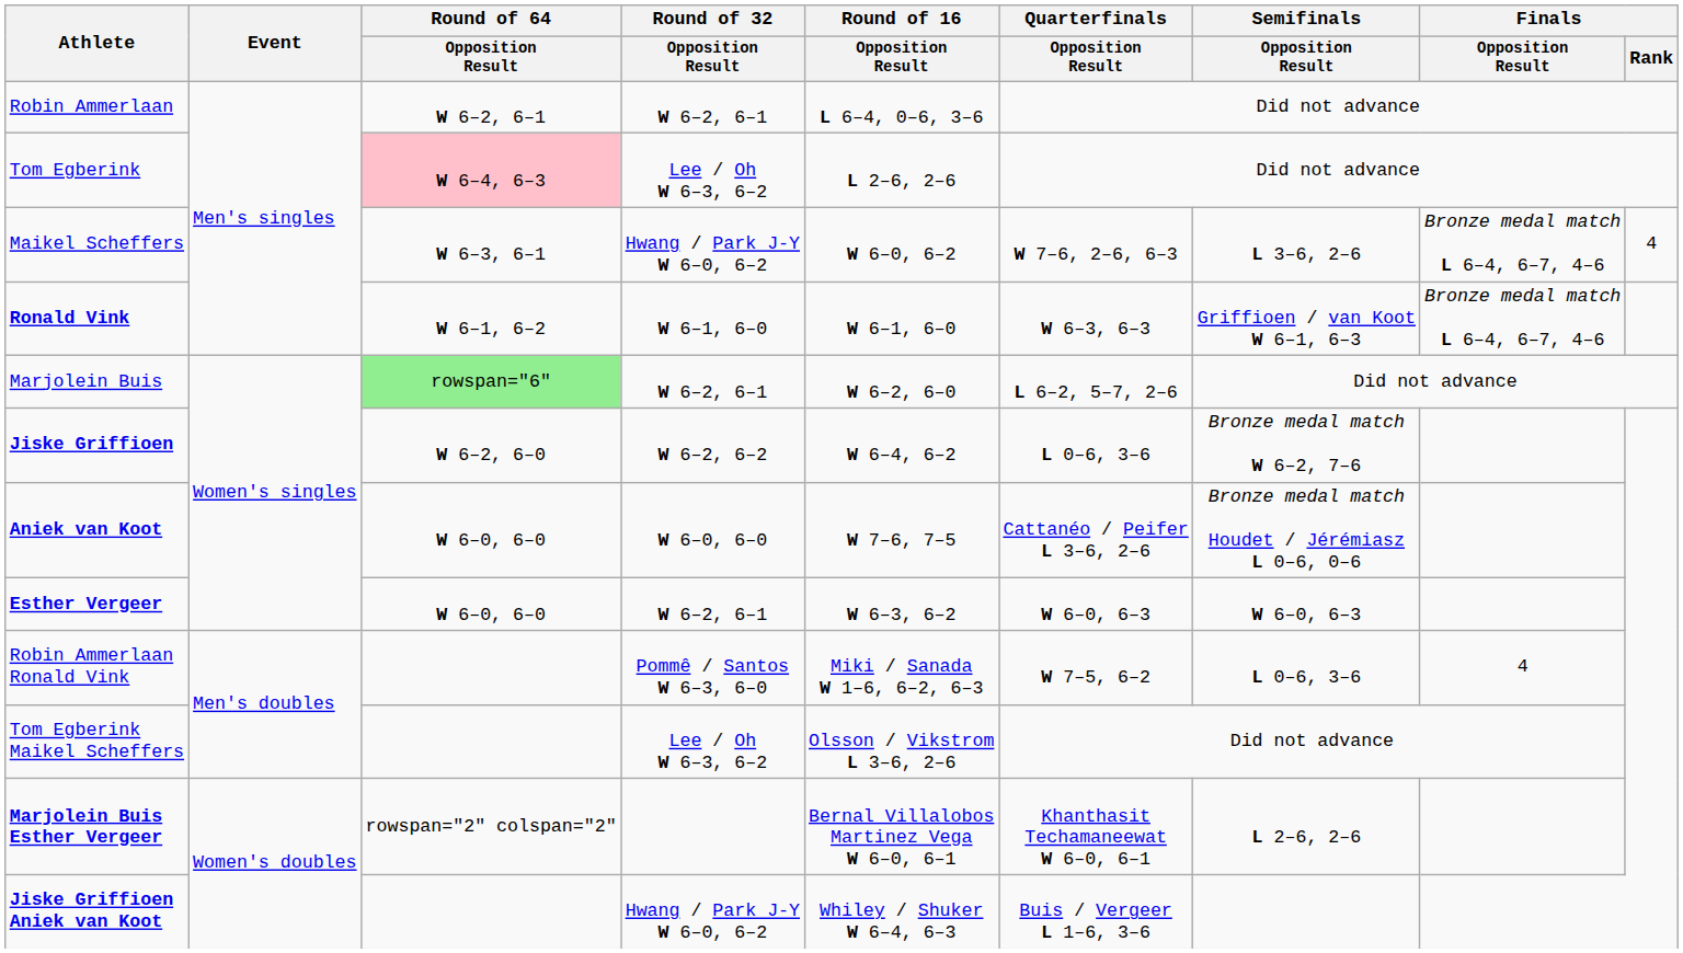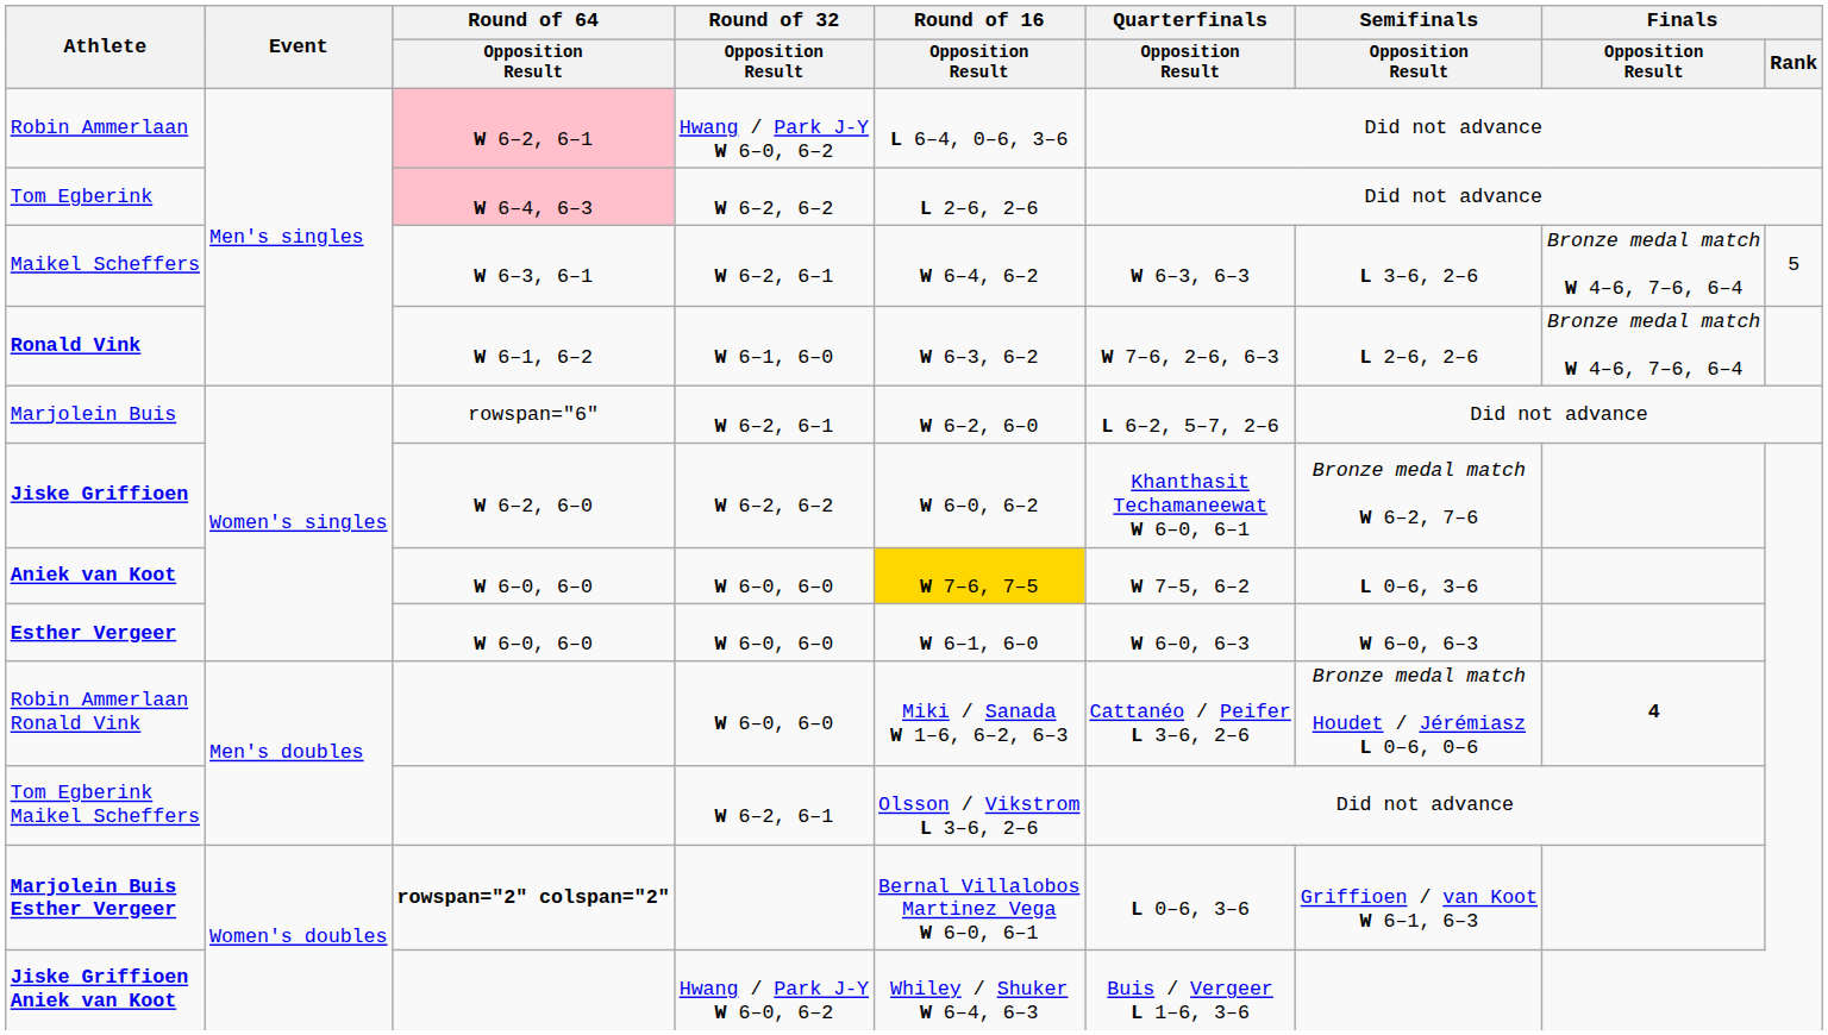 <table class=wikitable style="font-size:90%;text-align:center">
 <tr>
 <th rowspan="2">Athlete</th>
 <th rowspan="2">Event</th>
 <th>Round of 64</th>
 <th>Round of 32</th>
 <th>Round of 16</th>
 <th>Quarterfinals</th>
 <th>Semifinals</th>
 <th colspan="2">Finals</th>
 </tr>
 <tr>
 <th style="line-height:1em"><small>Opposition<br>Result</small></th>
 <th style="line-height:1em"><small>Opposition<br>Result</small></th>
 <th style="line-height:1em"><small>Opposition<br>Result</small></th>
 <th style="line-height:1em"><small>Opposition<br>Result</small></th>
 <th style="line-height:1em"><small>Opposition<br>Result</small></th>
 <th style="line-height:1em"><small>Opposition<br>Result</small></th>
 <th>Rank</th>
 </tr>
 <tr>
 <td align=left><a href='#'>Robin Ammerlaan</a></td>
 <td align=left rowspan="4"><a href='#'>Men's singles</a></td>
-<td><br><strong>W</strong> 6–2, 6–1</td>
-<td><br><strong>W</strong> 6–2, 6–1</td>
+<td style="background: pink;"><br><strong>W</strong> 6–2, 6–1</td>
+<td><br> <a href='#'>Hwang</a> / <a href='#'>Park J-Y</a><br><strong>W</strong> 6–0, 6–2</td>
 <td><br><strong>L</strong> 6–4, 0–6, 3–6</td>
 <td colspan=4>Did not advance</td>
 </tr>
 <tr>
 <td align=left><a href='#'>Tom Egberink</a></td>
 <td style="background: pink;"><br><strong>W</strong> 6–4, 6–3</td>
-<td><br> <a href='#'>Lee</a> / <a href='#'>Oh</a><br><strong>W</strong> 6–3, 6–2</td>
+<td><br><strong>W</strong> 6–2, 6–2</td>
 <td><br><strong>L</strong> 2–6, 2–6</td>
 <td colspan=4>Did not advance</td>
 </tr>
 <tr>
 <td align=left><a href='#'>Maikel Scheffers</a></td>
 <td><br><strong>W</strong> 6–3, 6–1</td>
-<td><br> <a href='#'>Hwang</a> / <a href='#'>Park J-Y</a><br><strong>W</strong> 6–0, 6–2</td>
-<td><br><strong>W</strong> 6–0, 6–2</td>
-<td><br><strong>W</strong> 7–6, 2–6, 6–3</td>
+<td><br><strong>W</strong> 6–2, 6–1</td>
+<td><br><strong>W</strong> 6–4, 6–2</td>
+<td><br><strong>W</strong> 6–3, 6–3</td>
 <td><br><strong>L</strong> 3–6, 2–6</td>
-<td><em>Bronze medal match</em><br><br><strong>L</strong> 6–4, 6–7, 4–6</td>
-<td>4</td>
+<td><em>Bronze medal match</em><br><br><strong>W</strong> 4–6, 7–6, 6–4</td>
+<td>5</td>
 </tr>
 <tr>
 <td align=left><strong><a href='#'>Ronald Vink</a></strong></td>
 <td><br><strong>W</strong> 6–1, 6–2</td>
 <td><br><strong>W</strong> 6–1, 6–0</td>
-<td><br><strong>W</strong> 6–1, 6–0</td>
-<td><br><strong>W</strong> 6–3, 6–3</td>
-<td><br> <a href='#'>Griffioen</a> / <a href='#'>van Koot</a><br><strong>W</strong> 6–1, 6–3</td>
-<td><em>Bronze medal match</em><br><br><strong>L</strong> 6–4, 6–7, 4–6</td>
+<td><br><strong>W</strong> 6–3, 6–2</td>
+<td><br><strong>W</strong> 7–6, 2–6, 6–3</td>
+<td><br><strong>L</strong> 2–6, 2–6</td>
+<td><em>Bronze medal match</em><br><br><strong>W</strong> 4–6, 7–6, 6–4</td>
 <td></td>
 </tr>
 <tr>
 <td align=left><a href='#'>Marjolein Buis</a></td>
 <td align=left rowspan="4"><a href='#'>Women's singles</a></td>
-<td style="background: lightgreen;">rowspan="6" </td>
+<td>rowspan="6" </td>
 <td><br><strong>W</strong> 6–2, 6–1</td>
 <td><br><strong>W</strong> 6–2, 6–0</td>
 <td><br><strong>L</strong> 6–2, 5–7, 2–6</td>
 <td colspan=3>Did not advance</td>
 </tr>
 <tr>
 <td align=left><strong><a href='#'>Jiske Griffioen</a></strong></td>
 <td><br><strong>W</strong> 6–2, 6–0</td>
 <td><br><strong>W</strong> 6–2, 6–2</td>
-<td><br><strong>W</strong> 6–4, 6–2</td>
-<td><br><strong>L</strong> 0–6, 3–6</td>
+<td><br><strong>W</strong> 6–0, 6–2</td>
+<td><br> <a href='#'>Khanthasit</a><br><a href='#'>Techamaneewat</a><br><strong>W</strong> 6–0, 6–1</td>
 <td><em>Bronze medal match</em><br><br><strong>W</strong> 6–2, 7–6</td>
 <td></td>
 </tr>
 <tr>
 <td align=left><strong><a href='#'>Aniek van Koot</a></strong></td>
 <td><br><strong>W</strong> 6–0, 6–0</td>
 <td><br><strong>W</strong> 6–0, 6–0</td>
-<td><br><strong>W</strong> 7–6, 7–5</td>
-<td><br><a href='#'>Cattanéo</a> / <a href='#'>Peifer</a><br><strong>L</strong> 3–6, 2–6</td>
-<td><em>Bronze medal match</em><br><br> <a href='#'>Houdet</a> / <a href='#'>Jérémiasz</a><br><strong>L</strong> 0–6, 0–6</td>
+<td style="background: gold;"><br><strong>W</strong> 7–6, 7–5</td>
+<td><br><strong>W</strong> 7–5, 6–2</td>
+<td><br><strong>L</strong> 0–6, 3–6</td>
 <td></td>
 </tr>
 <tr>
 <td align=left><strong><a href='#'>Esther Vergeer</a></strong></td>
 <td><br><strong>W</strong> 6–0, 6–0</td>
-<td><br><strong>W</strong> 6–2, 6–1</td>
-<td><br><strong>W</strong> 6–3, 6–2</td>
+<td><br><strong>W</strong> 6–0, 6–0</td>
+<td><br><strong>W</strong> 6–1, 6–0</td>
 <td><br><strong>W</strong> 6–0, 6–3</td>
 <td><br><strong>W</strong> 6–0, 6–3</td>
 <td></td>
 </tr>
 <tr>
 <td align=left><a href='#'>Robin Ammerlaan</a><br><a href='#'>Ronald Vink</a></td>
 <td align=left rowspan="2"><a href='#'>Men's doubles</a></td>
 <td></td>
-<td><br><a href='#'>Pommê</a> / <a href='#'>Santos</a><br><strong>W</strong> 6–3, 6–0</td>
+<td><br><strong>W</strong> 6–0, 6–0</td>
 <td><br><a href='#'>Miki</a> / <a href='#'>Sanada</a><br><strong>W</strong> 1–6, 6–2, 6–3</td>
-<td><br><strong>W</strong> 7–5, 6–2</td>
-<td><br><strong>L</strong> 0–6, 3–6</td>
-<td>4</td>
+<td><br><a href='#'>Cattanéo</a> / <a href='#'>Peifer</a><br><strong>L</strong> 3–6, 2–6</td>
+<td><em>Bronze medal match</em><br><br> <a href='#'>Houdet</a> / <a href='#'>Jérémiasz</a><br><strong>L</strong> 0–6, 0–6</td>
+<td><strong>4</strong></td>
 </tr>
 <tr>
 <td align=left><a href='#'>Tom Egberink</a><br><a href='#'>Maikel Scheffers</a></td>
 <td></td>
-<td><br> <a href='#'>Lee</a> / <a href='#'>Oh</a><br><strong>W</strong> 6–3, 6–2</td>
+<td><br><strong>W</strong> 6–2, 6–1</td>
 <td><br> <a href='#'>Olsson</a> / <a href='#'>Vikstrom</a><br><strong>L</strong> 3–6, 2–6</td>
 <td colspan=3>Did not advance</td>
 </tr>
 <tr>
 <td align=left><strong><a href='#'>Marjolein Buis</a></strong><br><strong><a href='#'>Esther Vergeer</a></strong></td>
 <td align=left rowspan="2"><a href='#'>Women's doubles</a></td>
-<td>rowspan="2" colspan="2" </td>
+<td><strong>rowspan="2" colspan="2" </strong></td>
 <td></td>
 <td><br> <a href='#'>Bernal Villalobos</a><br><a href='#'>Martinez Vega</a><br><strong>W</strong> 6–0, 6–1</td>
-<td><br> <a href='#'>Khanthasit</a><br><a href='#'>Techamaneewat</a><br><strong>W</strong> 6–0, 6–1</td>
-<td><br><strong>L</strong> 2–6, 2–6</td>
+<td><br><strong>L</strong> 0–6, 3–6</td>
+<td><br> <a href='#'>Griffioen</a> / <a href='#'>van Koot</a><br><strong>W</strong> 6–1, 6–3</td>
 <td></td>
 </tr>
 <tr>
 <td align=left><strong><a href='#'>Jiske Griffioen</a></strong><br><strong><a href='#'>Aniek van Koot</a></strong></td>
 <td></td>
 <td><br> <a href='#'>Hwang</a> / <a href='#'>Park J-Y</a><br><strong>W</strong> 6–0, 6–2</td>
 <td><br> <a href='#'>Whiley</a> / <a href='#'>Shuker</a><br><strong>W</strong> 6–4, 6–3</td>
 <td><br> <a href='#'>Buis</a> / <a href='#'>Vergeer</a><br><strong>L</strong> 1–6, 3–6</td>
 <td></td>
 </tr>
 </table>
